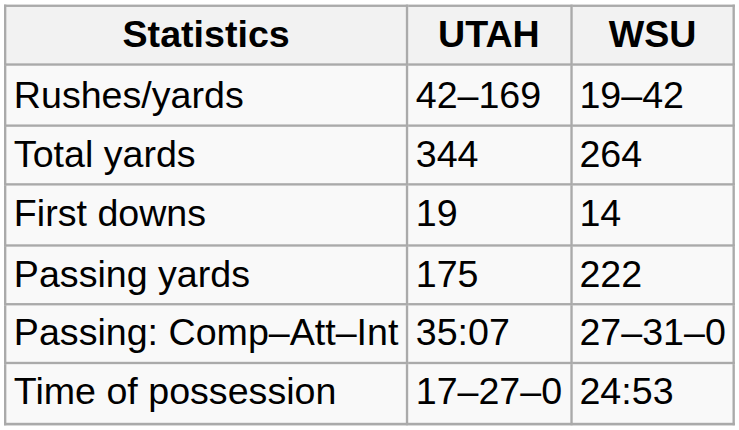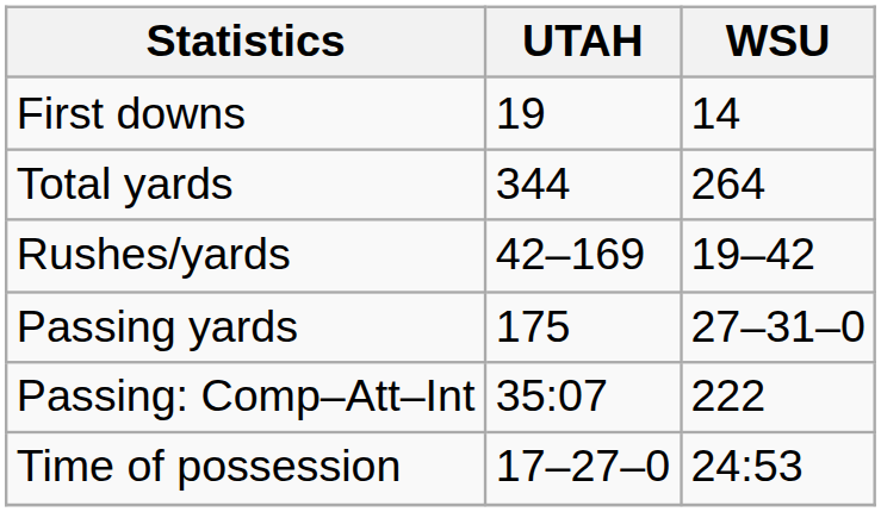 <table class="wikitable" style="float: left;">
 <tr>
 <th>Statistics</th>
 <th>UTAH</th>
 <th>WSU</th>
 </tr>
 <tr>
-<td>Rushes/yards</td>
-<td>42–169</td>
-<td>19–42</td>
+<td>First downs</td>
+<td>19</td>
+<td>14</td>
 </tr>
 <tr>
 <td>Total yards</td>
 <td>344</td>
 <td>264</td>
 </tr>
 <tr>
-<td>First downs</td>
-<td>19</td>
-<td>14</td>
+<td>Rushes/yards</td>
+<td>42–169</td>
+<td>19–42</td>
 </tr>
 <tr>
 <td>Passing yards</td>
 <td>175</td>
-<td>222</td>
+<td>27–31–0</td>
 </tr>
 <tr>
 <td>Passing: Comp–Att–Int</td>
 <td>35:07</td>
-<td>27–31–0</td>
+<td>222</td>
 </tr>
 <tr>
 <td>Time of possession</td>
 <td>17–27–0</td>
 <td>24:53</td>
 </tr>
 <tr>
 </tr>
 </table>
